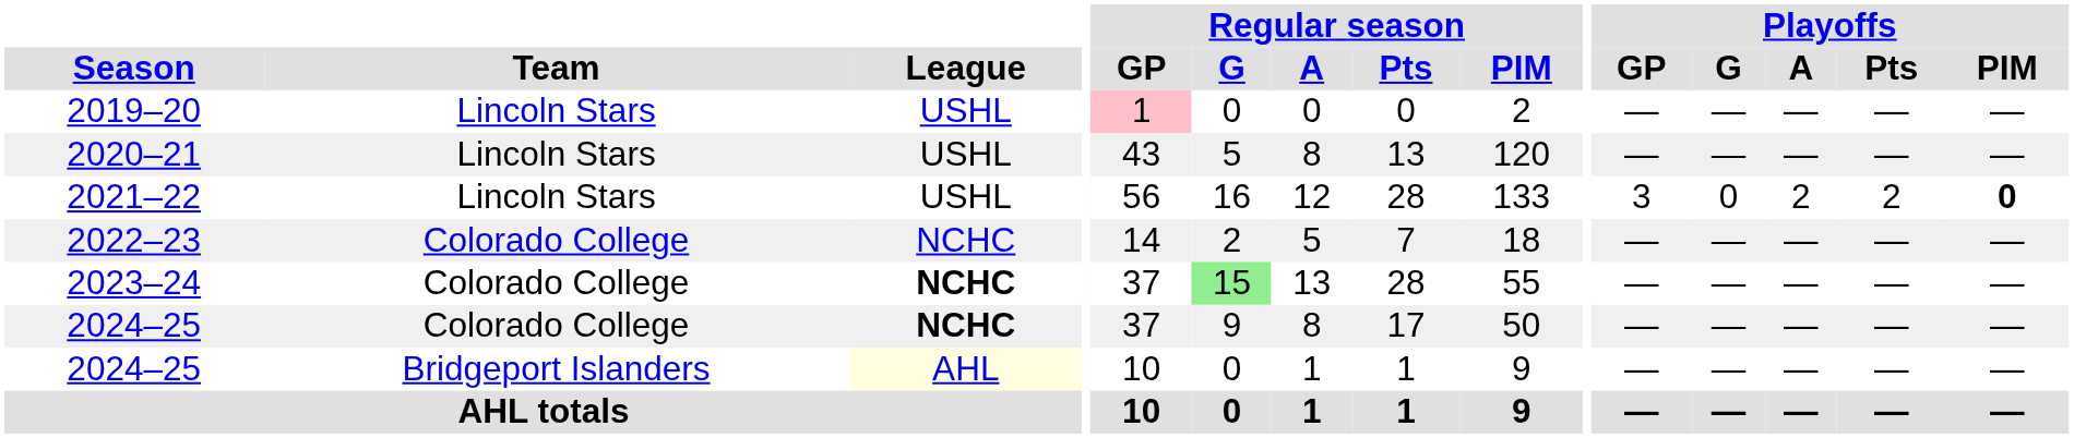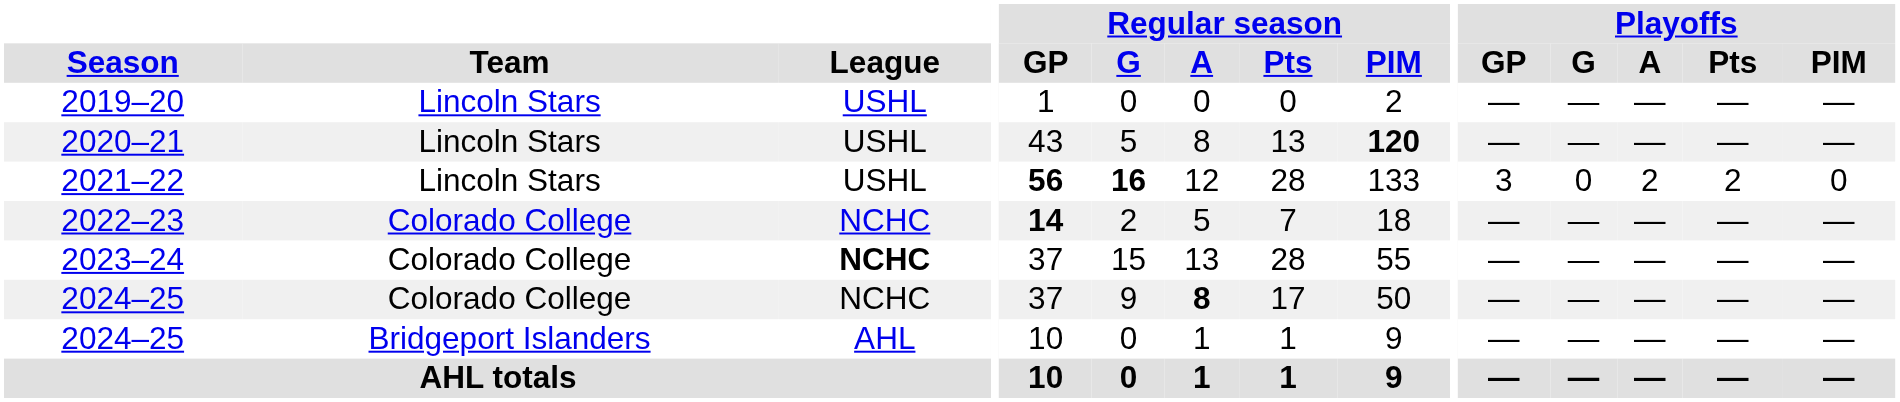 <table border="0" cellpadding="1" cellspacing="0" style="text-align:center; width:60em;">
 <tr bgcolor="#e0e0e0">
 <th colspan="3" bgcolor="#ffffff"></th>
 <th rowspan="100" bgcolor="#ffffff"></th>
 <th colspan="5"><a href='#'>Regular season</a></th>
 <th rowspan="100" bgcolor="#ffffff"></th>
 <th colspan="5"><a href='#'>Playoffs</a></th>
 </tr>
 <tr bgcolor="#e0e0e0">
 <th><a href='#'>Season</a></th>
 <th>Team</th>
 <th>League</th>
 <th>GP</th>
 <th><a href='#'>G</a></th>
 <th><a href='#'>A</a></th>
 <th><a href='#'>Pts</a></th>
 <th><a href='#'>PIM</a></th>
 <th>GP</th>
 <th>G</th>
 <th>A</th>
 <th>Pts</th>
 <th>PIM</th>
 </tr>
 <tr>
 <td><a href='#'>2019–20</a></td>
 <td><a href='#'>Lincoln Stars</a></td>
 <td><a href='#'>USHL</a></td>
-<td style="background: pink;">1</td>
+<td>1</td>
 <td>0</td>
 <td>0</td>
 <td>0</td>
 <td>2</td>
 <td>—</td>
 <td>—</td>
 <td>—</td>
 <td>—</td>
 <td>—</td>
 </tr>
 <tr bgcolor="#f0f0f0">
 <td><a href='#'>2020–21</a></td>
 <td>Lincoln Stars</td>
 <td>USHL</td>
 <td>43</td>
 <td>5</td>
 <td>8</td>
 <td>13</td>
-<td>120</td>
+<td><strong>120</strong></td>
 <td>—</td>
 <td>—</td>
 <td>—</td>
 <td>—</td>
 <td>—</td>
 </tr>
 <tr>
 <td><a href='#'>2021–22</a></td>
 <td>Lincoln Stars</td>
 <td>USHL</td>
-<td>56</td>
-<td>16</td>
+<td><strong>56</strong></td>
+<td><strong>16</strong></td>
 <td>12</td>
 <td>28</td>
 <td>133</td>
 <td>3</td>
 <td>0</td>
 <td>2</td>
 <td>2</td>
-<td><strong>0</strong></td>
+<td>0</td>
 </tr>
 <tr bgcolor="#f0f0f0">
 <td><a href='#'>2022–23</a></td>
 <td><a href='#'>Colorado College</a></td>
 <td><a href='#'>NCHC</a></td>
-<td>14</td>
+<td><strong>14</strong></td>
 <td>2</td>
 <td>5</td>
 <td>7</td>
 <td>18</td>
 <td>—</td>
 <td>—</td>
 <td>—</td>
 <td>—</td>
 <td>—</td>
 </tr>
 <tr>
 <td><a href='#'>2023–24</a></td>
 <td>Colorado College</td>
 <td><strong>NCHC</strong></td>
 <td>37</td>
-<td style="background: lightgreen;">15</td>
+<td>15</td>
 <td>13</td>
 <td>28</td>
 <td>55</td>
 <td>—</td>
 <td>—</td>
 <td>—</td>
 <td>—</td>
 <td>—</td>
 </tr>
 <tr bgcolor="#f0f0f0">
 <td><a href='#'>2024–25</a></td>
 <td>Colorado College</td>
-<td><strong>NCHC</strong></td>
+<td>NCHC</td>
 <td>37</td>
 <td>9</td>
-<td>8</td>
+<td><strong>8</strong></td>
 <td>17</td>
 <td>50</td>
 <td>—</td>
 <td>—</td>
 <td>—</td>
 <td>—</td>
 <td>—</td>
 </tr>
 <tr>
 <td><a href='#'>2024–25</a></td>
 <td><a href='#'>Bridgeport Islanders</a></td>
-<td style="background: lightyellow;"><a href='#'>AHL</a></td>
+<td><a href='#'>AHL</a></td>
 <td>10</td>
 <td>0</td>
 <td>1</td>
 <td>1</td>
 <td>9</td>
 <td>—</td>
 <td>—</td>
 <td>—</td>
 <td>—</td>
 <td>—</td>
 </tr>
 <tr bgcolor="#e0e0e0">
 <th colspan="3">AHL totals</th>
 <th>10</th>
 <th>0</th>
 <th>1</th>
 <th>1</th>
 <th>9</th>
 <th>—</th>
 <th>—</th>
 <th>—</th>
 <th>—</th>
 <th>—</th>
 </tr>
 </table>
